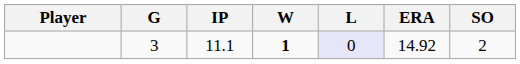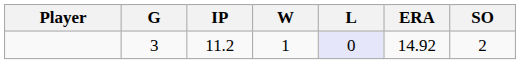 <table class="wikitable sortable">
 <tr>
 <th bgcolor="#DDDDFF" width="16%">Player</th>
 <th bgcolor="#DDDDFF" width="9%">G</th>
 <th bgcolor="#DDDDFF" width="9%">IP</th>
 <th bgcolor="#DDDDFF" width="9%">W</th>
 <th bgcolor="#DDDDFF" width="9%">L</th>
 <th bgcolor="#DDDDFF" width="9%">ERA</th>
 <th bgcolor="#DDDDFF" width="9%">SO</th>
 </tr>
 <tr align="center">
 <td></td>
 <td>3</td>
-<td>11.1</td>
-<td><strong>1</strong></td>
+<td>11.2</td>
+<td>1</td>
 <td style="background: lavender;">0</td>
 <td>14.92</td>
 <td>2</td>
 </tr>
 </table>
